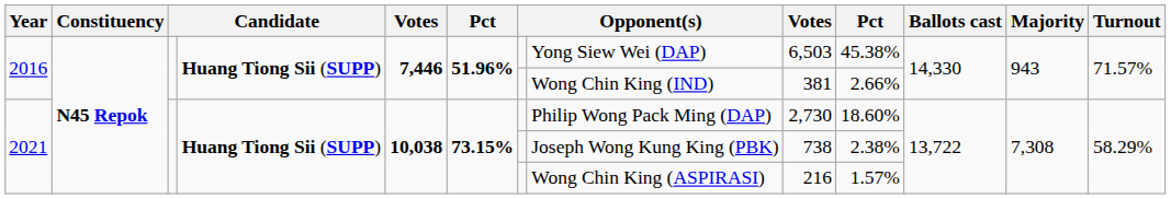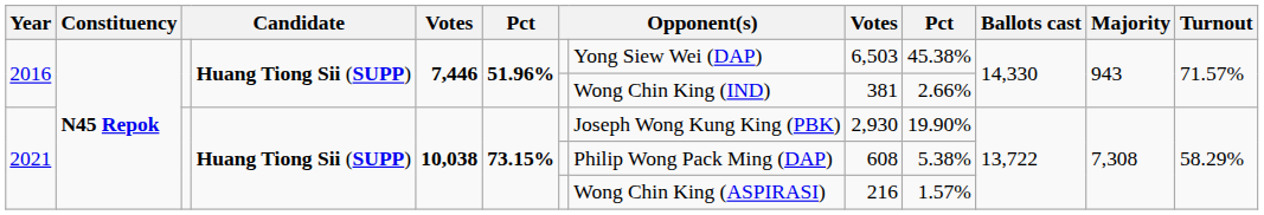 <table class="wikitable" style="margin:0.5em ; font-size:95%">
 <tr>
 <th>Year</th>
 <th>Constituency</th>
 <th colspan="2">Candidate</th>
 <th>Votes</th>
 <th>Pct</th>
 <th colspan="2">Opponent(s)</th>
 <th>Votes</th>
 <th>Pct</th>
 <th>Ballots cast</th>
 <th>Majority</th>
 <th>Turnout</th>
 </tr>
 <tr>
 <td rowspan="2"><a href='#'>2016</a></td>
 <td rowspan="5"><strong>N45 <a href='#'>Repok</a></strong></td>
 <td rowspan="2" ></td>
 <td rowspan="2"><strong>Huang Tiong Sii</strong> (<a href='#'><strong>SUPP</strong></a>)</td>
 <td rowspan="2" style="text-align:right;"><strong>7,446</strong></td>
 <td rowspan="2"><strong>51.96%</strong></td>
 <td></td>
 <td>Yong Siew Wei (<a href='#'>DAP</a>)</td>
 <td style="text-align:right;">6,503</td>
 <td>45.38%</td>
 <td rowspan="2">14,330</td>
 <td rowspan="2">943</td>
 <td rowspan="2">71.57%</td>
 </tr>
 <tr>
 <td></td>
 <td>Wong Chin King (<a href='#'>IND</a>)</td>
 <td style="text-align:right;">381</td>
 <td style="text-align:right;">2.66%</td>
 </tr>
 <tr>
 <td rowspan="3"><a href='#'>2021</a></td>
 <td rowspan="3" ></td>
 <td rowspan="3"><strong>Huang Tiong Sii</strong> (<a href='#'><strong>SUPP</strong></a>)</td>
 <td rowspan="3" style="text-align:right;"><strong>10,038</strong></td>
 <td rowspan="3"><strong>73.15%</strong></td>
 <td></td>
-<td>Philip Wong Pack Ming (<a href='#'>DAP</a>)</td>
-<td style="text-align:right;">2,730</td>
-<td>18.60%</td>
+<td>Joseph Wong Kung King (<a href='#'>PBK</a>)</td>
+<td style="text-align:right;">2,930</td>
+<td>19.90%</td>
 <td rowspan="3">13,722</td>
 <td rowspan="3">7,308</td>
 <td rowspan="3">58.29%</td>
 </tr>
 <tr>
 <td></td>
-<td>Joseph Wong Kung King (<a href='#'>PBK</a>)</td>
-<td align="right">738</td>
-<td align=right>2.38%</td>
+<td>Philip Wong Pack Ming (<a href='#'>DAP</a>)</td>
+<td align="right">608</td>
+<td align=right>5.38%</td>
 </tr>
 <tr>
 <td></td>
 <td>Wong Chin King (<a href='#'>ASPIRASI</a>)</td>
 <td align="right">216</td>
 <td align=right>1.57%</td>
 </tr>
 </table>
